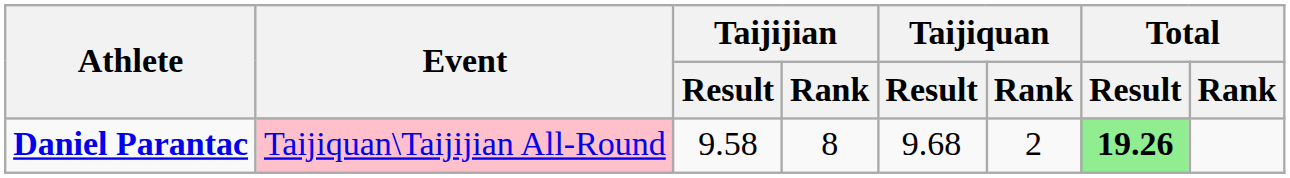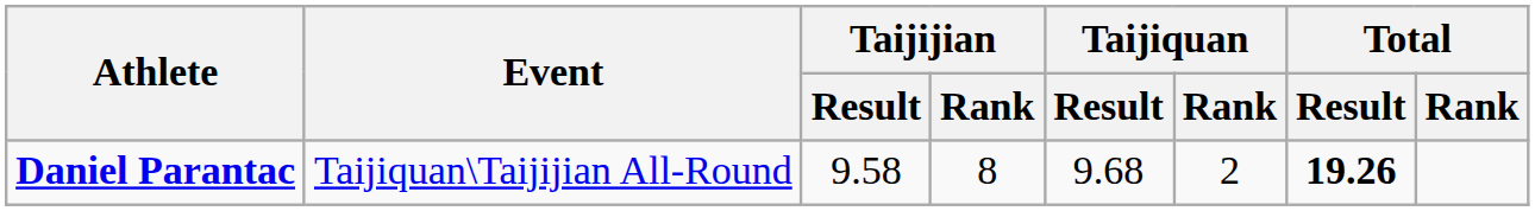 <table class=wikitable style="font-size:90%">
 <tr>
 <th rowspan="2">Athlete</th>
 <th rowspan="2">Event</th>
 <th colspan="2">Taijijian</th>
 <th colspan="2">Taijiquan</th>
 <th colspan="2">Total</th>
 </tr>
 <tr>
 <th>Result</th>
 <th>Rank</th>
 <th>Result</th>
 <th>Rank</th>
 <th>Result</th>
 <th>Rank</th>
 </tr>
 <tr>
 <td><strong><a href='#'>Daniel Parantac</a></strong></td>
-<td style="background: pink;"><a href='#'>Taijiquan\Taijijian All-Round</a></td>
+<td><a href='#'>Taijiquan\Taijijian All-Round</a></td>
 <td align=center>9.58</td>
 <td align=center>8</td>
 <td align=center>9.68</td>
 <td align=center>2</td>
-<td align=center style="background: lightgreen;"><strong>19.26</strong></td>
+<td align=center><strong>19.26</strong></td>
 <td align=center></td>
 </tr>
 </table>
